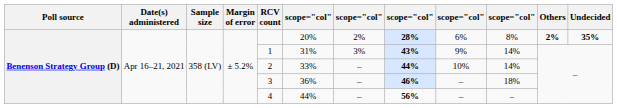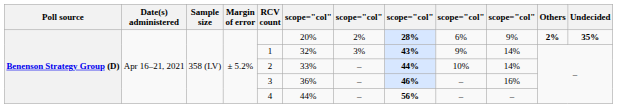 <table class="wikitable plainrowheaders" style="text-align:center; font-size:90%;">
 <tr>
 <th scope="col">Poll source</th>
 <th scope="col">Date(s)<br>administered</th>
 <th scope="col">Sample<br>size</th>
 <th scope="col">Margin<br>of error</th>
 <th scope="col">RCV<br>count</th>
 <th>scope="col" </th>
 <th>scope="col" </th>
 <th>scope="col" </th>
 <th>scope="col" </th>
 <th>scope="col" </th>
 <th scope="col">Others</th>
 <th scope="col">Undecided</th>
 </tr>
 <tr>
 <th scope="row" rowspan="5"><a href='#'>Benenson Strategy Group</a> (D)</th>
 <td rowspan="5">Apr 16–21, 2021</td>
 <td rowspan="5">358 (LV)</td>
 <td rowspan="5">± 5.2%</td>
 <td></td>
 <td>20%</td>
 <td>2%</td>
 <td style="background:#d7e7ff"><strong>28%</strong></td>
 <td>6%</td>
-<td>8%</td>
+<td>9%</td>
 <td><strong>2%</strong></td>
 <td><strong>35%</strong></td>
 </tr>
 <tr>
 <td>1</td>
-<td>31%</td>
+<td>32%</td>
 <td>3%</td>
 <td style="background:#d7e7ff"><strong>43%</strong></td>
 <td>9%</td>
 <td>14%</td>
 <td rowspan="4" colspan="2">–</td>
 </tr>
 <tr>
 <td>2</td>
 <td>33%</td>
 <td>–</td>
 <td style="background:#d7e7ff"><strong>44%</strong></td>
 <td>10%</td>
 <td>14%</td>
 </tr>
 <tr>
 <td>3</td>
 <td>36%</td>
 <td>–</td>
 <td style="background:#d7e7ff"><strong>46%</strong></td>
 <td>–</td>
-<td>18%</td>
+<td>16%</td>
 </tr>
 <tr>
 <td>4</td>
 <td>44%</td>
 <td>–</td>
 <td><strong>56%</strong></td>
 <td>–</td>
 <td>–</td>
 </tr>
 </table>
